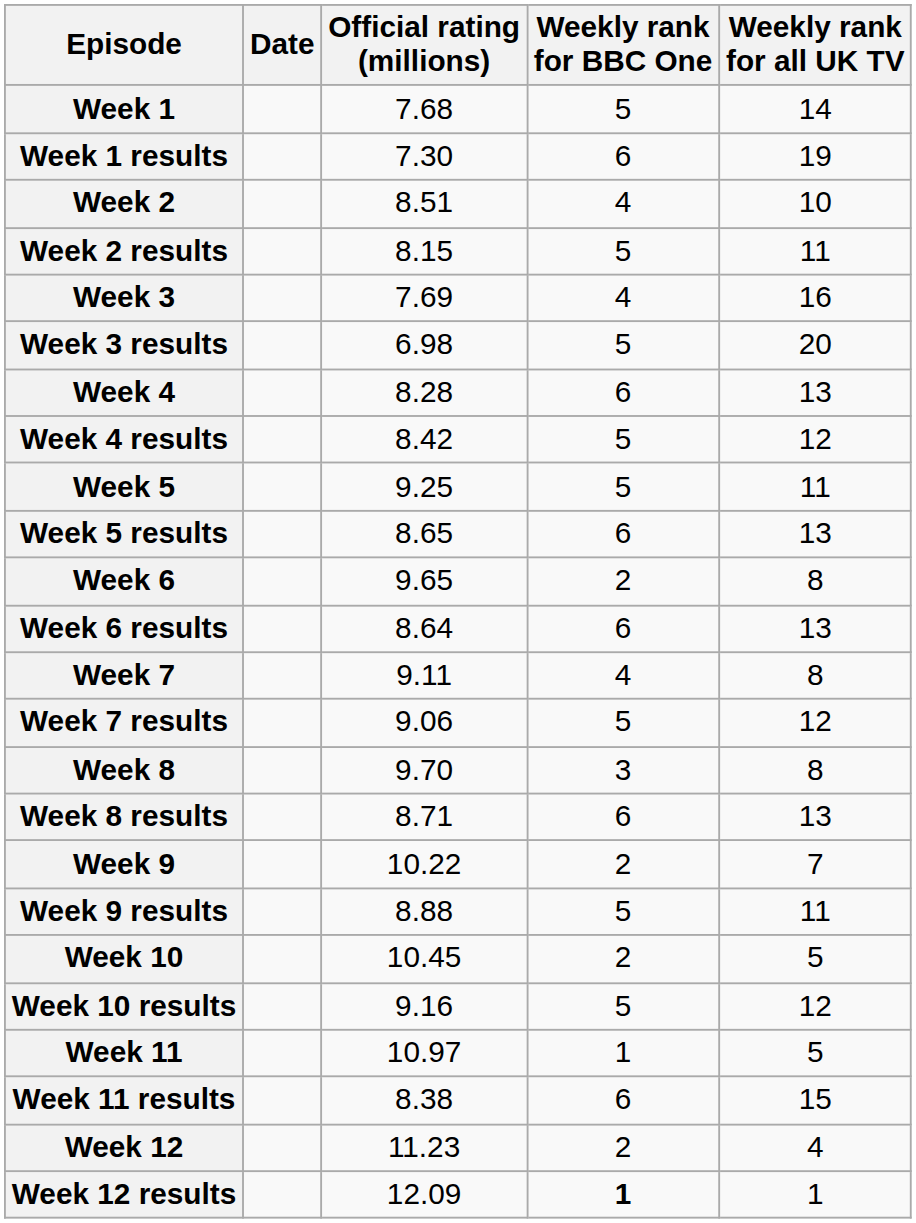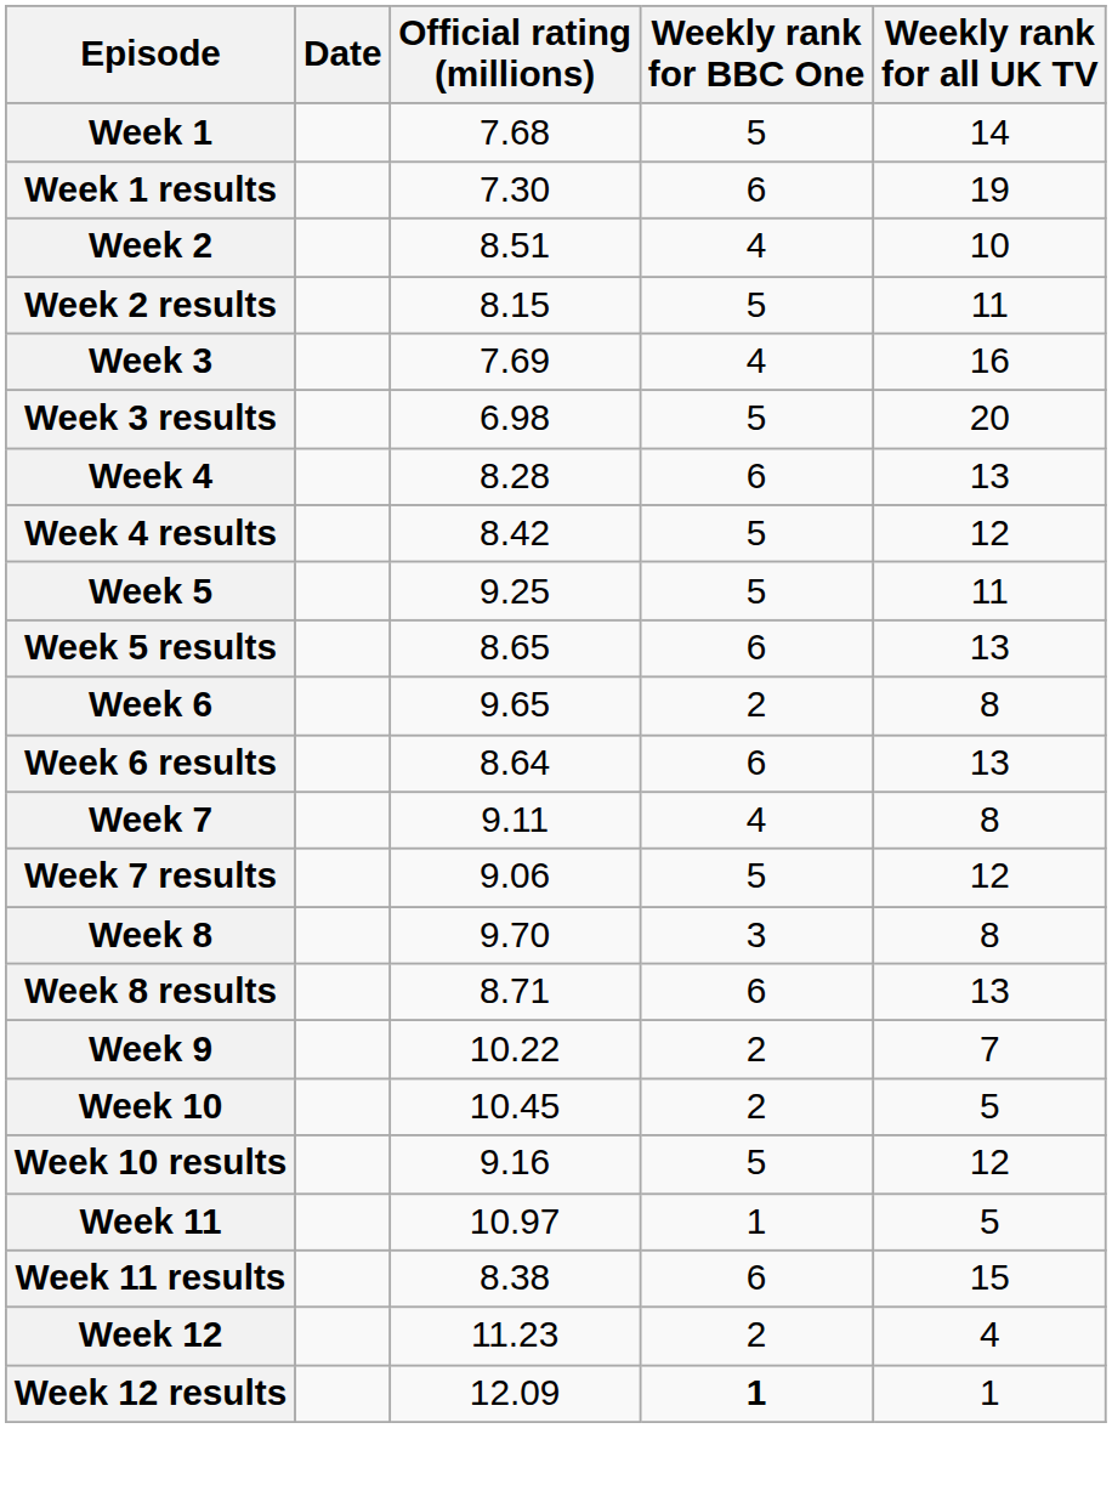 <table class="wikitable sortable" style="text-align:center">
 <tr>
 <th scope="col">Episode</th>
 <th scope="col">Date</th>
 <th scope="col">Official rating<br>(millions)</th>
 <th scope="col">Weekly rank<br>for BBC One</th>
 <th scope="col">Weekly rank<br>for all UK TV</th>
 </tr>
 <tr>
 <th scope="row">Week 1</th>
 <td></td>
 <td>7.68</td>
 <td>5</td>
 <td>14</td>
 </tr>
 <tr>
 <th scope="row">Week 1 results</th>
 <td></td>
 <td>7.30</td>
 <td>6</td>
 <td>19</td>
 </tr>
 <tr>
 <th scope="row">Week 2</th>
 <td></td>
 <td>8.51</td>
 <td>4</td>
 <td>10</td>
 </tr>
 <tr>
 <th scope="row">Week 2 results</th>
 <td></td>
 <td>8.15</td>
 <td>5</td>
 <td>11</td>
 </tr>
 <tr>
 <th scope="row">Week 3</th>
 <td></td>
 <td>7.69</td>
 <td>4</td>
 <td>16</td>
 </tr>
 <tr>
 <th scope="row">Week 3 results</th>
 <td></td>
 <td>6.98</td>
 <td>5</td>
 <td>20</td>
 </tr>
 <tr>
 <th scope="row">Week 4</th>
 <td></td>
 <td>8.28</td>
 <td>6</td>
 <td>13</td>
 </tr>
 <tr>
 <th scope="row">Week 4 results</th>
 <td></td>
 <td>8.42</td>
 <td>5</td>
 <td>12</td>
 </tr>
 <tr>
 <th scope="row">Week 5</th>
 <td></td>
 <td>9.25</td>
 <td>5</td>
 <td>11</td>
 </tr>
 <tr>
 <th scope="row">Week 5 results</th>
 <td></td>
 <td>8.65</td>
 <td>6</td>
 <td>13</td>
 </tr>
 <tr>
 <th scope="row">Week 6</th>
 <td></td>
 <td>9.65</td>
 <td>2</td>
 <td>8</td>
 </tr>
 <tr>
 <th scope="row">Week 6 results</th>
 <td></td>
 <td>8.64</td>
 <td>6</td>
 <td>13</td>
 </tr>
 <tr>
 <th scope="row">Week 7</th>
 <td></td>
 <td>9.11</td>
 <td>4</td>
 <td>8</td>
 </tr>
 <tr>
 <th scope="row”">Week 7 results</th>
 <td></td>
 <td>9.06</td>
 <td>5</td>
 <td>12</td>
 </tr>
 <tr>
 <th scope="row">Week 8</th>
 <td></td>
 <td>9.70</td>
 <td>3</td>
 <td>8</td>
 </tr>
 <tr>
 <th scope="row”">Week 8 results</th>
 <td></td>
 <td>8.71</td>
 <td>6</td>
 <td>13</td>
 </tr>
 <tr>
 <th scope="row">Week 9</th>
 <td></td>
 <td>10.22</td>
 <td>2</td>
 <td>7</td>
 </tr>
 <tr>
-<th scope="row">Week 9 results</th>
-<td></td>
-<td>8.88</td>
-<td>5</td>
-<td>11</td>
-</tr>
-<tr>
 <th scope="row">Week 10</th>
 <td></td>
 <td>10.45</td>
 <td>2</td>
 <td>5</td>
 </tr>
 <tr>
 <th scope="row">Week 10 results</th>
 <td></td>
 <td>9.16</td>
 <td>5</td>
 <td>12</td>
 </tr>
 <tr>
 <th scope="row">Week 11</th>
 <td></td>
 <td>10.97</td>
 <td>1</td>
 <td>5</td>
 </tr>
 <tr>
 <th scope="row">Week 11 results</th>
 <td></td>
 <td>8.38</td>
 <td>6</td>
 <td>15</td>
 </tr>
 <tr>
 <th scope="row">Week 12</th>
 <td></td>
 <td>11.23</td>
 <td>2</td>
 <td>4</td>
 </tr>
 <tr>
 <th scope="row">Week 12 results</th>
 <td></td>
 <td>12.09</td>
 <td><strong>1</strong></td>
 <td>1</td>
 </tr>
 </table>
